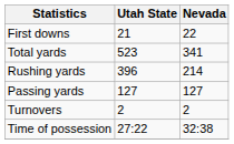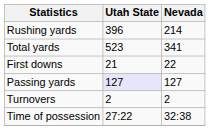 <table class="wikitable">
 <tr>
 <th>Statistics</th>
 <th>Utah State</th>
 <th>Nevada</th>
 </tr>
 <tr>
-<td>First downs</td>
-<td>21</td>
-<td>22</td>
+<td>Rushing yards</td>
+<td>396</td>
+<td>214</td>
 </tr>
 <tr>
 <td>Total yards</td>
 <td>523</td>
 <td>341</td>
 </tr>
 <tr>
-<td>Rushing yards</td>
-<td>396</td>
-<td>214</td>
+<td>First downs</td>
+<td>21</td>
+<td>22</td>
 </tr>
 <tr>
 <td>Passing yards</td>
-<td>127</td>
+<td style="background: lavender;">127</td>
 <td>127</td>
 </tr>
 <tr>
 <td>Turnovers</td>
 <td>2</td>
 <td>2</td>
 </tr>
 <tr>
 <td>Time of possession</td>
 <td>27:22</td>
 <td>32:38</td>
 </tr>
 <tr>
 </tr>
 </table>
